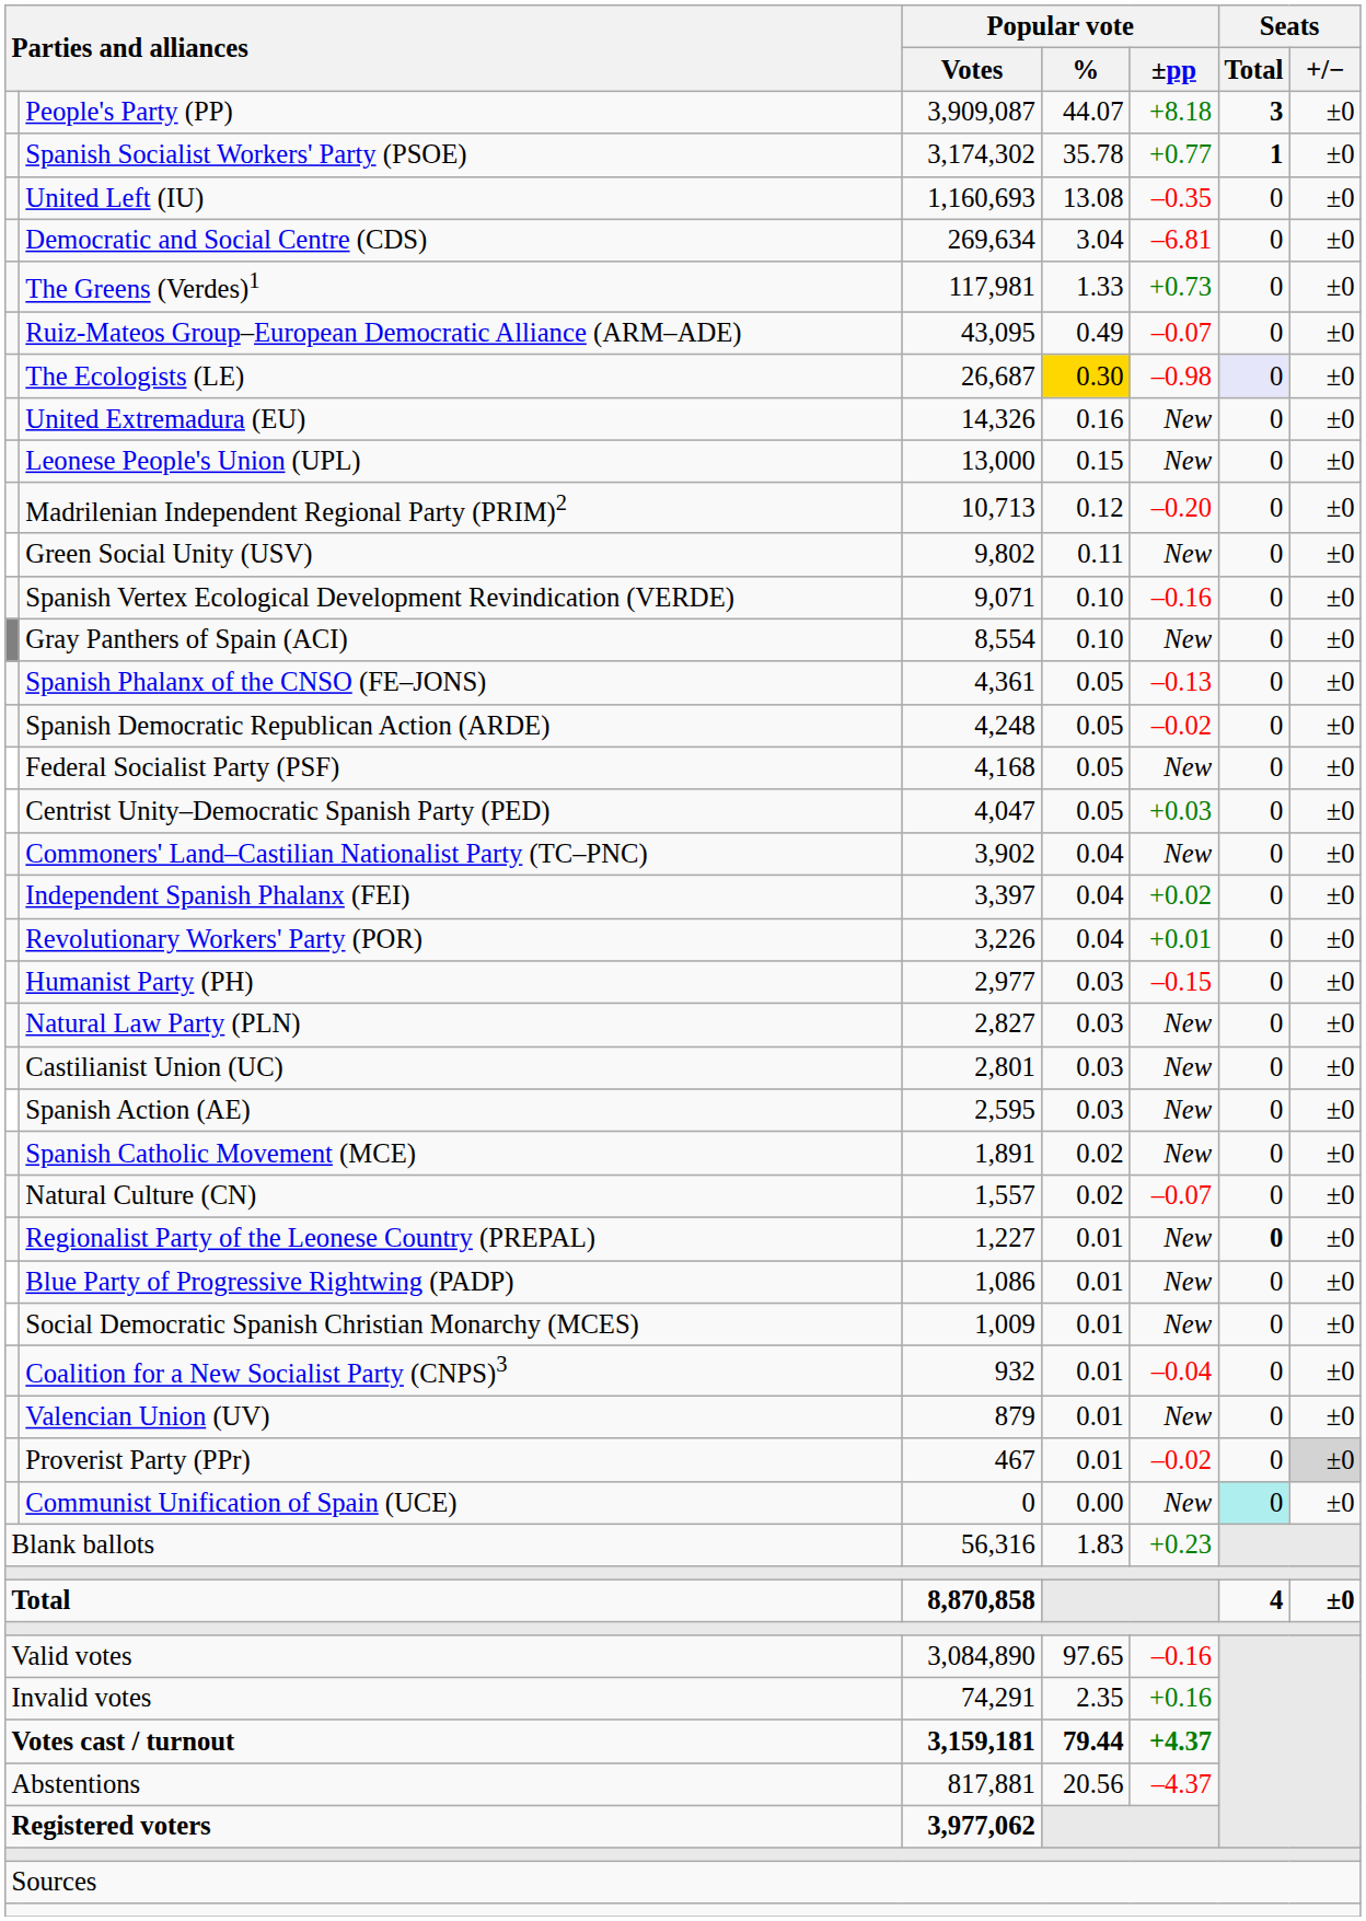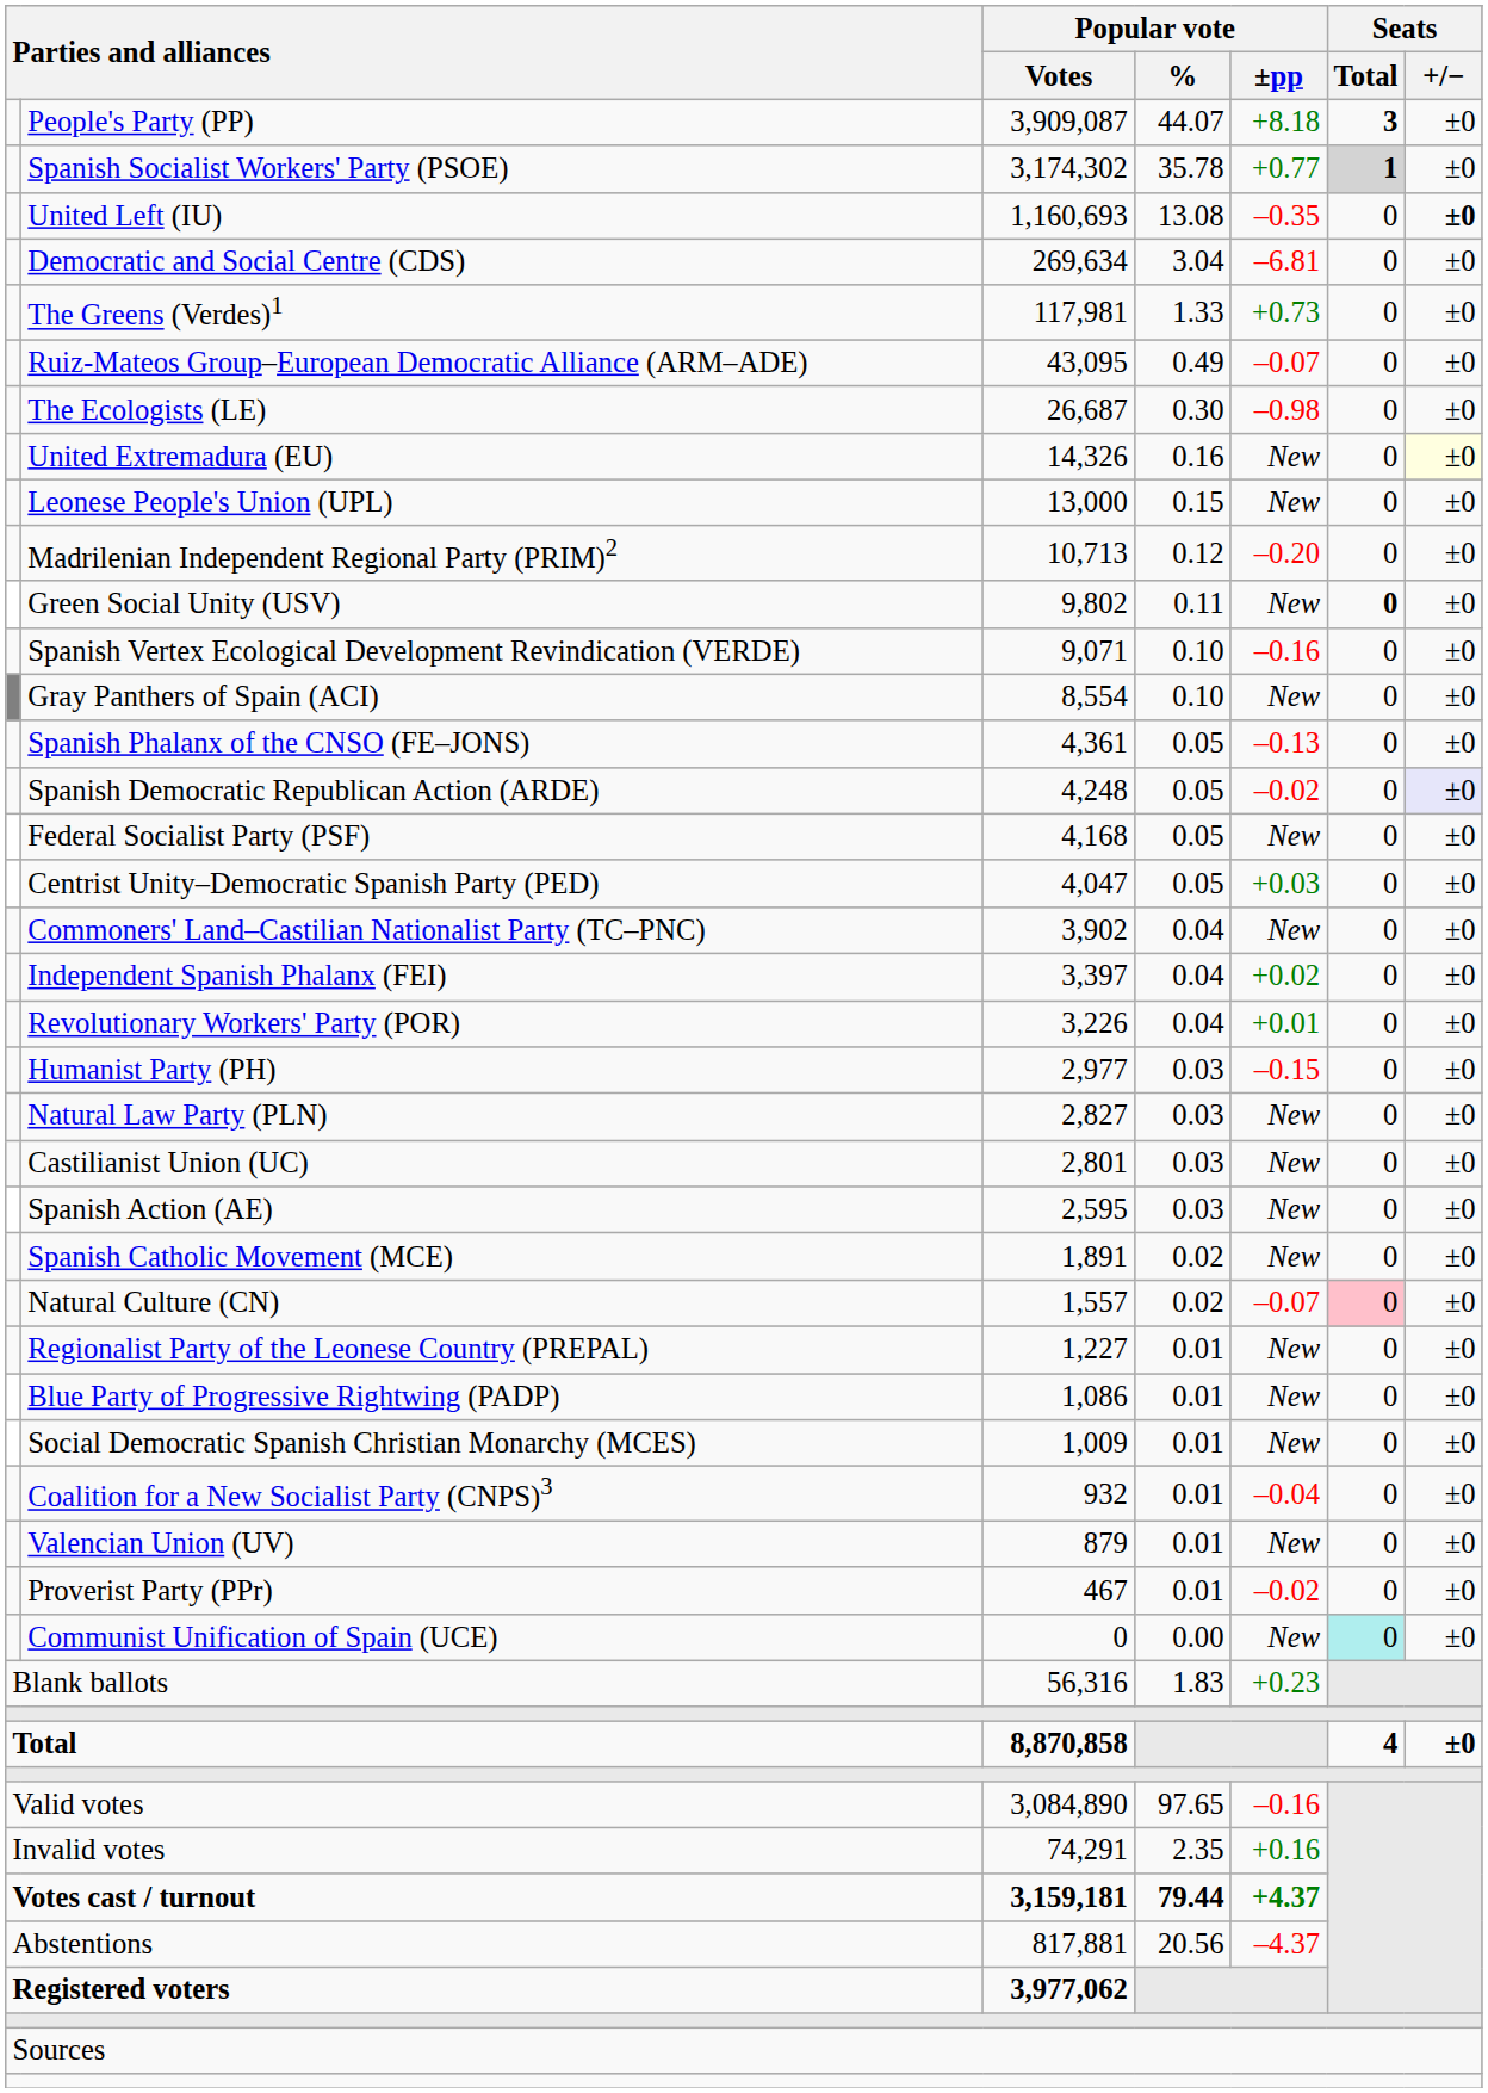 <table class="wikitable" style="text-align:right;">
 <tr>
 <th style="text-align:left;" rowspan="2" colspan="2" width="525">Parties and alliances</th>
 <th colspan="3">Popular vote</th>
 <th colspan="2">Seats</th>
 </tr>
 <tr>
 <th width="75">Votes</th>
 <th width="45">%</th>
 <th width="45">±<a href='#'>pp</a></th>
 <th width="35">Total</th>
 <th width="35">+/−</th>
 </tr>
 <tr>
 <td width="1" style="color:inherit;background:"></td>
 <td align="left"><a href='#'>People's Party</a> (PP)</td>
 <td>3,909,087</td>
 <td>44.07</td>
 <td style="color:green;">+8.18</td>
 <td><strong>3</strong></td>
 <td>±0</td>
 </tr>
 <tr>
 <td style="color:inherit;background:"></td>
 <td align="left"><a href='#'>Spanish Socialist Workers' Party</a> (PSOE)</td>
 <td>3,174,302</td>
 <td>35.78</td>
 <td style="color:green;">+0.77</td>
-<td><strong>1</strong></td>
+<td style="background: lightgrey;"><strong>1</strong></td>
 <td>±0</td>
 </tr>
 <tr>
 <td style="color:inherit;background:"></td>
 <td align="left"><a href='#'>United Left</a> (IU)</td>
 <td>1,160,693</td>
 <td>13.08</td>
 <td style="color:red;">–0.35</td>
 <td>0</td>
-<td>±0</td>
+<td><strong>±0</strong></td>
 </tr>
 <tr>
 <td style="color:inherit;background:"></td>
 <td align="left"><a href='#'>Democratic and Social Centre</a> (CDS)</td>
 <td>269,634</td>
 <td>3.04</td>
 <td style="color:red;">–6.81</td>
 <td>0</td>
 <td>±0</td>
 </tr>
 <tr>
 <td style="color:inherit;background:"></td>
 <td align="left"><a href='#'>The Greens</a> (Verdes)<sup>1</sup></td>
 <td>117,981</td>
 <td>1.33</td>
 <td style="color:green;">+0.73</td>
 <td>0</td>
 <td>±0</td>
 </tr>
 <tr>
 <td style="color:inherit;background:"></td>
 <td align="left"><a href='#'>Ruiz-Mateos Group</a>–<a href='#'>European Democratic Alliance</a> (ARM–ADE)</td>
 <td>43,095</td>
 <td>0.49</td>
 <td style="color:red;">–0.07</td>
 <td>0</td>
 <td>±0</td>
 </tr>
 <tr>
 <td style="color:inherit;background:"></td>
 <td align="left"><a href='#'>The Ecologists</a> (LE)</td>
 <td>26,687</td>
-<td style="background: gold;">0.30</td>
+<td>0.30</td>
 <td style="color:red;">–0.98</td>
-<td style="background: lavender;">0</td>
+<td>0</td>
 <td>±0</td>
 </tr>
 <tr>
 <td style="color:inherit;background:"></td>
 <td align="left"><a href='#'>United Extremadura</a> (EU)</td>
 <td>14,326</td>
 <td>0.16</td>
 <td><em>New</em></td>
 <td>0</td>
-<td>±0</td>
+<td style="background: lightyellow;">±0</td>
 </tr>
 <tr>
 <td style="color:inherit;background:"></td>
 <td align="left"><a href='#'>Leonese People's Union</a> (UPL)</td>
 <td>13,000</td>
 <td>0.15</td>
 <td><em>New</em></td>
 <td>0</td>
 <td>±0</td>
 </tr>
 <tr>
 <td style="color:inherit;background:"></td>
 <td align="left">Madrilenian Independent Regional Party (PRIM)<sup>2</sup></td>
 <td>10,713</td>
 <td>0.12</td>
 <td style="color:red;">–0.20</td>
 <td>0</td>
 <td>±0</td>
 </tr>
 <tr>
 <td bgcolor="white"></td>
 <td align="left">Green Social Unity (USV)</td>
 <td>9,802</td>
 <td>0.11</td>
 <td><em>New</em></td>
-<td>0</td>
+<td><strong>0</strong></td>
 <td>±0</td>
 </tr>
 <tr>
 <td style="color:inherit;background:"></td>
 <td align="left">Spanish Vertex Ecological Development Revindication (VERDE)</td>
 <td>9,071</td>
 <td>0.10</td>
 <td style="color:red;">–0.16</td>
 <td>0</td>
 <td>±0</td>
 </tr>
 <tr>
 <td bgcolor="gray"></td>
 <td align="left">Gray Panthers of Spain (ACI)</td>
 <td>8,554</td>
 <td>0.10</td>
 <td><em>New</em></td>
 <td>0</td>
 <td>±0</td>
 </tr>
 <tr>
 <td style="color:inherit;background:"></td>
 <td align="left"><a href='#'>Spanish Phalanx of the CNSO</a> (FE–JONS)</td>
 <td>4,361</td>
 <td>0.05</td>
 <td style="color:red;">–0.13</td>
 <td>0</td>
 <td>±0</td>
 </tr>
 <tr>
 <td style="color:inherit;background:"></td>
 <td align="left">Spanish Democratic Republican Action (ARDE)</td>
 <td>4,248</td>
 <td>0.05</td>
 <td style="color:red;">–0.02</td>
 <td>0</td>
-<td>±0</td>
+<td style="background: lavender;">±0</td>
 </tr>
 <tr>
 <td bgcolor="white"></td>
 <td align="left">Federal Socialist Party (PSF)</td>
 <td>4,168</td>
 <td>0.05</td>
 <td><em>New</em></td>
 <td>0</td>
 <td>±0</td>
 </tr>
 <tr>
 <td bgcolor="white"></td>
 <td align="left">Centrist Unity–Democratic Spanish Party (PED)</td>
 <td>4,047</td>
 <td>0.05</td>
 <td style="color:green;">+0.03</td>
 <td>0</td>
 <td>±0</td>
 </tr>
 <tr>
 <td style="color:inherit;background:"></td>
 <td align="left"><a href='#'>Commoners' Land–Castilian Nationalist Party</a> (TC–PNC)</td>
 <td>3,902</td>
 <td>0.04</td>
 <td><em>New</em></td>
 <td>0</td>
 <td>±0</td>
 </tr>
 <tr>
 <td style="color:inherit;background:"></td>
 <td align="left"><a href='#'>Independent Spanish Phalanx</a> (FEI)</td>
 <td>3,397</td>
 <td>0.04</td>
 <td style="color:green;">+0.02</td>
 <td>0</td>
 <td>±0</td>
 </tr>
 <tr>
 <td style="color:inherit;background:"></td>
 <td align="left"><a href='#'>Revolutionary Workers' Party</a> (POR)</td>
 <td>3,226</td>
 <td>0.04</td>
 <td style="color:green;">+0.01</td>
 <td>0</td>
 <td>±0</td>
 </tr>
 <tr>
 <td style="color:inherit;background:"></td>
 <td align="left"><a href='#'>Humanist Party</a> (PH)</td>
 <td>2,977</td>
 <td>0.03</td>
 <td style="color:red;">–0.15</td>
 <td>0</td>
 <td>±0</td>
 </tr>
 <tr>
 <td style="color:inherit;background:"></td>
 <td align="left"><a href='#'>Natural Law Party</a> (PLN)</td>
 <td>2,827</td>
 <td>0.03</td>
 <td><em>New</em></td>
 <td>0</td>
 <td>±0</td>
 </tr>
 <tr>
 <td style="color:inherit;background:"></td>
 <td align="left">Castilianist Union (UC)</td>
 <td>2,801</td>
 <td>0.03</td>
 <td><em>New</em></td>
 <td>0</td>
 <td>±0</td>
 </tr>
 <tr>
 <td bgcolor="white"></td>
 <td align="left">Spanish Action (AE)</td>
 <td>2,595</td>
 <td>0.03</td>
 <td><em>New</em></td>
 <td>0</td>
 <td>±0</td>
 </tr>
 <tr>
 <td style="color:inherit;background:"></td>
 <td align="left"><a href='#'>Spanish Catholic Movement</a> (MCE)</td>
 <td>1,891</td>
 <td>0.02</td>
 <td><em>New</em></td>
 <td>0</td>
 <td>±0</td>
 </tr>
 <tr>
 <td style="color:inherit;background:"></td>
 <td align="left">Natural Culture (CN)</td>
 <td>1,557</td>
 <td>0.02</td>
 <td style="color:red;">–0.07</td>
-<td>0</td>
+<td style="background: pink;">0</td>
 <td>±0</td>
 </tr>
 <tr>
 <td style="color:inherit;background:"></td>
 <td align="left"><a href='#'>Regionalist Party of the Leonese Country</a> (PREPAL)</td>
 <td>1,227</td>
 <td>0.01</td>
 <td><em>New</em></td>
-<td><strong>0</strong></td>
+<td>0</td>
 <td>±0</td>
 </tr>
 <tr>
 <td bgcolor="white"></td>
 <td align="left"><a href='#'>Blue Party of Progressive Rightwing</a> (PADP)</td>
 <td>1,086</td>
 <td>0.01</td>
 <td><em>New</em></td>
 <td>0</td>
 <td>±0</td>
 </tr>
 <tr>
 <td bgcolor="white"></td>
 <td align="left">Social Democratic Spanish Christian Monarchy (MCES)</td>
 <td>1,009</td>
 <td>0.01</td>
 <td><em>New</em></td>
 <td>0</td>
 <td>±0</td>
 </tr>
 <tr>
 <td style="color:inherit;background:"></td>
 <td align="left"><a href='#'>Coalition for a New Socialist Party</a> (CNPS)<sup>3</sup></td>
 <td>932</td>
 <td>0.01</td>
 <td style="color:red;">–0.04</td>
 <td>0</td>
 <td>±0</td>
 </tr>
 <tr>
 <td style="color:inherit;background:"></td>
 <td align="left"><a href='#'>Valencian Union</a> (UV)</td>
 <td>879</td>
 <td>0.01</td>
 <td><em>New</em></td>
 <td>0</td>
 <td>±0</td>
 </tr>
 <tr>
 <td style="color:inherit;background:"></td>
 <td align="left">Proverist Party (PPr)</td>
 <td>467</td>
 <td>0.01</td>
 <td style="color:red;">–0.02</td>
 <td>0</td>
-<td style="background: lightgrey;">±0</td>
+<td>±0</td>
 </tr>
 <tr>
 <td style="color:inherit;background:"></td>
 <td align="left"><a href='#'>Communist Unification of Spain</a> (UCE)</td>
 <td>0</td>
 <td>0.00</td>
 <td><em>New</em></td>
 <td style="background: paleturquoise;">0</td>
 <td>±0</td>
 </tr>
 <tr>
 <td align="left" colspan="2">Blank ballots</td>
 <td>56,316</td>
 <td>1.83</td>
 <td style="color:green;">+0.23</td>
 <td bgcolor="#E9E9E9" colspan="2"></td>
 </tr>
 <tr>
 <td colspan="7" bgcolor="#E9E9E9"></td>
 </tr>
 <tr style="font-weight:bold;">
 <td align="left" colspan="2">Total</td>
 <td>8,870,858</td>
 <td bgcolor="#E9E9E9" colspan="2"></td>
 <td>4</td>
 <td>±0</td>
 </tr>
 <tr>
 <td colspan="7" bgcolor="#E9E9E9"></td>
 </tr>
 <tr>
 <td align="left" colspan="2">Valid votes</td>
 <td>3,084,890</td>
 <td>97.65</td>
 <td style="color:red;">–0.16</td>
 <td bgcolor="#E9E9E9" colspan="2" rowspan="5"></td>
 </tr>
 <tr>
 <td align="left" colspan="2">Invalid votes</td>
 <td>74,291</td>
 <td>2.35</td>
 <td style="color:green;">+0.16</td>
 </tr>
 <tr style="font-weight:bold;">
 <td align="left" colspan="2">Votes cast / turnout</td>
 <td>3,159,181</td>
 <td>79.44</td>
 <td style="color:green;">+4.37</td>
 </tr>
 <tr>
 <td align="left" colspan="2">Abstentions</td>
 <td>817,881</td>
 <td>20.56</td>
 <td style="color:red;">–4.37</td>
 </tr>
 <tr style="font-weight:bold;">
 <td align="left" colspan="2">Registered voters</td>
 <td>3,977,062</td>
 <td bgcolor="#E9E9E9" colspan="2"></td>
 </tr>
 <tr>
 <td colspan="7" bgcolor="#E9E9E9"></td>
 </tr>
 <tr>
 <td align="left" colspan="7">Sources</td>
 </tr>
 <tr>
 <td colspan="7" style="text-align:left; max-width:790px;"></td>
 </tr>
 </table>
